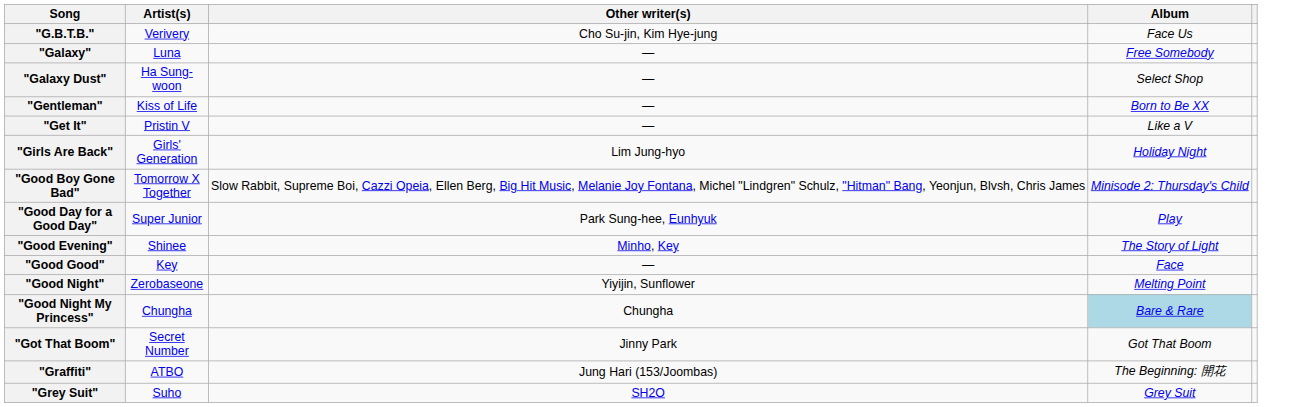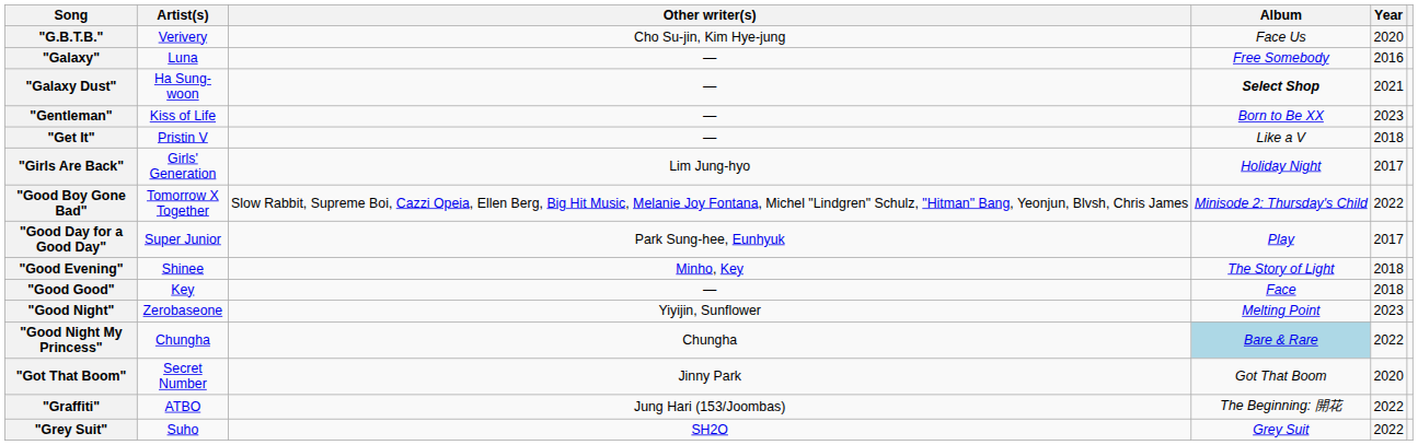 <table class="wikitable sortable plainrowheaders" style="text-align:center;">
 <tr>
 <th scope="col" width="150">Song</th>
 <th scope="col" width="100">Artist(s)</th>
 <th scope="col" class="unsortable">Other writer(s)</th>
 <th scope="col" data-sort-type="text">Album</th>
+<th scope="col">Year</th>
 <th scope="col" class="unsortable"></th>
 </tr>
 <tr>
 <th scope="row">"G.B.T.B."</th>
 <td><a href='#'>Verivery</a></td>
 <td>Cho Su-jin, Kim Hye-jung</td>
 <td><em>Face Us</em></td>
+<td>2020</td>
 <td style="text-align:center;"></td>
 </tr>
 <tr>
 <th scope="row">"Galaxy"</th>
 <td><a href='#'>Luna</a></td>
 <td>—</td>
 <td><em><a href='#'>Free Somebody</a></em></td>
+<td>2016</td>
 <td style="text-align:center;"></td>
 </tr>
 <tr>
 <th scope="row">"Galaxy Dust"</th>
 <td><a href='#'>Ha Sung-woon</a></td>
 <td>—</td>
-<td><em>Select Shop</em></td>
+<td><strong><em>Select Shop</em></strong></td>
+<td>2021</td>
 <td style="text-align:center;"></td>
 </tr>
 <tr>
 <th scope="row">"Gentleman"</th>
 <td><a href='#'>Kiss of Life</a></td>
 <td>—</td>
 <td><em><a href='#'>Born to Be XX</a></em></td>
+<td>2023</td>
 <td style="text-align:center;"></td>
 </tr>
 <tr>
 <th scope="row">"Get It"</th>
 <td><a href='#'>Pristin V</a></td>
 <td>—</td>
 <td><em>Like a V</em></td>
+<td>2018</td>
 <td style="text-align:center;"></td>
 </tr>
 <tr>
 <th scope="row">"Girls Are Back"</th>
 <td><a href='#'>Girls' Generation</a></td>
 <td>Lim Jung-hyo</td>
 <td><em><a href='#'>Holiday Night</a></em></td>
+<td>2017</td>
 <td style="text-align:center;"></td>
 </tr>
 <tr>
 <th scope="row">"Good Boy Gone Bad"</th>
 <td><a href='#'>Tomorrow X Together</a></td>
 <td>Slow Rabbit, Supreme Boi, <a href='#'>Cazzi Opeia</a>, Ellen Berg, <a href='#'>Big Hit Music</a>, <a href='#'>Melanie Joy Fontana</a>, Michel "Lindgren" Schulz, <a href='#'>"Hitman" Bang</a>, Yeonjun, Blvsh, Chris James</td>
 <td><em><a href='#'>Minisode 2: Thursday's Child</a></em></td>
+<td>2022</td>
 <td style="text-align:center;"></td>
 </tr>
 <tr>
 <th scope="row">"Good Day for a Good Day"</th>
 <td><a href='#'>Super Junior</a></td>
 <td>Park Sung-hee, <a href='#'>Eunhyuk</a></td>
 <td><em><a href='#'>Play</a></em></td>
+<td>2017</td>
 <td style="text-align:center;"></td>
 </tr>
 <tr>
 <th scope="row">"Good Evening"</th>
 <td><a href='#'>Shinee</a></td>
 <td><a href='#'>Minho</a>, <a href='#'>Key</a></td>
 <td><em><a href='#'>The Story of Light</a></em></td>
+<td>2018</td>
 <td style="text-align:center;"></td>
 </tr>
 <tr>
 <th scope="row">"Good Good"</th>
 <td><a href='#'>Key</a></td>
 <td>—</td>
 <td><em><a href='#'>Face</a></em></td>
+<td>2018</td>
 <td style="text-align:center;"></td>
 </tr>
 <tr>
 <th scope="row">"Good Night"</th>
 <td><a href='#'>Zerobaseone</a></td>
 <td>Yiyijin, Sunflower</td>
 <td><em><a href='#'>Melting Point</a></em></td>
+<td>2023</td>
 <td style="text-align:center;"></td>
 </tr>
 <tr>
 <th scope="row">"Good Night My Princess"</th>
 <td><a href='#'>Chungha</a></td>
 <td>Chungha</td>
 <td style="background: lightblue;"><em><a href='#'>Bare & Rare</a></em></td>
+<td>2022</td>
 <td style="text-align:center;"></td>
 </tr>
 <tr>
 <th scope="row">"Got That Boom"</th>
 <td><a href='#'>Secret Number</a></td>
 <td>Jinny Park</td>
 <td><em>Got That Boom</em></td>
+<td>2020</td>
 <td style="text-align:center;"></td>
 </tr>
 <tr>
 <th scope="row">"Graffiti"</th>
 <td><a href='#'>ATBO</a></td>
 <td>Jung Hari (153/Joombas)</td>
 <td><em>The Beginning: 開花</em></td>
+<td>2022</td>
 <td style="text-align:center;"></td>
 </tr>
 <tr>
 <th scope="row">"Grey Suit"</th>
 <td><a href='#'>Suho</a></td>
 <td><a href='#'>SH2O</a></td>
 <td><em><a href='#'>Grey Suit</a></em></td>
+<td>2022</td>
 <td style="text-align:center;"></td>
 </tr>
 </table>
